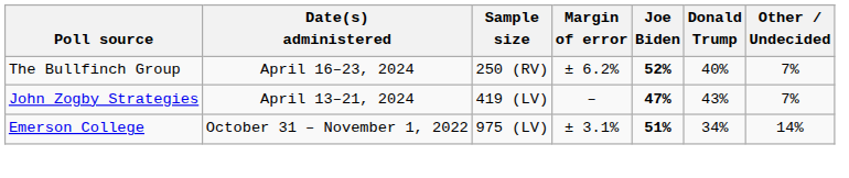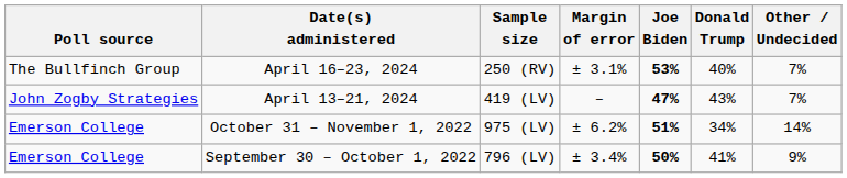 <table class="wikitable sortable mw-datatable" style="font-size:90%;text-align:center;line-height:17px">
 <tr valign=bottom>
 <th>Poll source</th>
 <th>Date(s)<br>administered</th>
 <th>Sample<br>size</th>
 <th>Margin<br>of error</th>
 <th class="unsortable">Joe<br>Biden<br></th>
 <th class="unsortable">Donald<br>Trump<br></th>
 <th class="unsortable">Other /<br>Undecided</th>
 </tr>
 <tr>
 <td style="text-align:left;">The Bullfinch Group</td>
 <td>April 16–23, 2024</td>
 <td>250 (RV)</td>
-<td>± 6.2%</td>
-<td style="color:black;background-color:"><strong>52%</strong></td>
+<td>± 3.1%</td>
+<td style="color:black;background-color:"><strong>53%</strong></td>
 <td>40%</td>
 <td>7%</td>
 </tr>
 <tr>
 <td style="text-align:left;"><a href='#'>John Zogby Strategies</a></td>
 <td data-sort-value="2024-05-01">April 13–21, 2024</td>
 <td>419 (LV)</td>
 <td>–</td>
 <td style="color:black;background-color:"><strong>47%</strong></td>
 <td>43%</td>
 <td>7%</td>
 </tr>
 <tr>
 <td style="text-align:left;"><a href='#'>Emerson College</a></td>
 <td data-sort-value="2022-11-01">October 31 – November 1, 2022</td>
 <td>975 (LV)</td>
-<td>± 3.1%</td>
+<td>± 6.2%</td>
 <td style="color:black;background-color:"><strong>51%</strong></td>
 <td>34%</td>
 <td>14%</td>
 </tr>
+<tr>
+<td style="text-align:left;"><a href='#'>Emerson College</a></td>
+<td data-sort-value="2022-10-01">September 30 – October 1, 2022</td>
+<td>796 (LV)</td>
+<td>± 3.4%</td>
+<td style="color:black;background-color:"><strong>50%</strong></td>
+<td>41%</td>
+<td>9%</td>
+</tr>
 </table>
